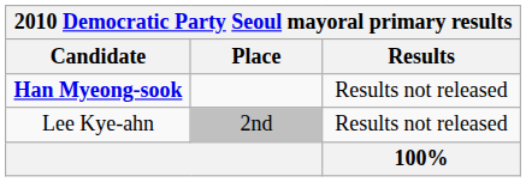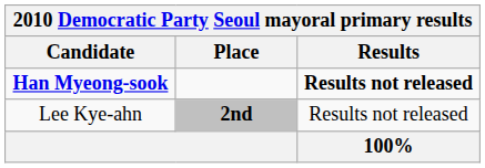 <table class="wikitable" style="text-align:center;">
 <tr>
 <th colspan=4>2010 <a href='#'>Democratic Party</a> <a href='#'>Seoul</a> mayoral primary results</th>
 </tr>
 <tr>
 <th width=130><strong>Candidate</strong></th>
 <th width=90><strong>Place</strong></th>
 <th width=140><strong>Results</strong></th>
 </tr>
 <tr>
 <td><strong><a href='#'>Han Myeong-sook</a></strong></td>
 <td style="background:"><strong></strong></td>
-<td>Results not released</td>
+<td><strong>Results not released</strong></td>
 </tr>
 <tr>
 <td>Lee Kye-ahn</td>
-<td bgcolor=silver>2nd</td>
+<td bgcolor=silver><strong>2nd</strong></td>
 <td>Results not released</td>
 </tr>
 <tr>
 <th colspan=2></th>
 <th>100%</th>
 </tr>
 </table>
